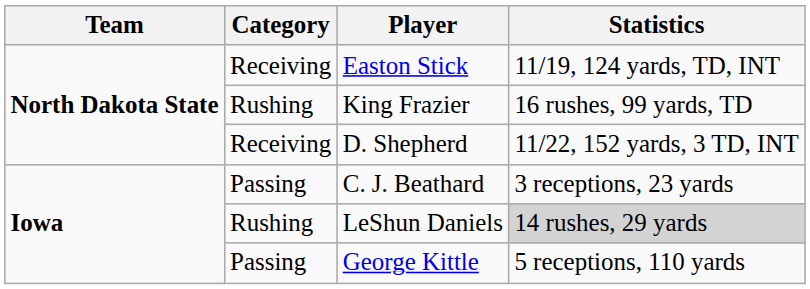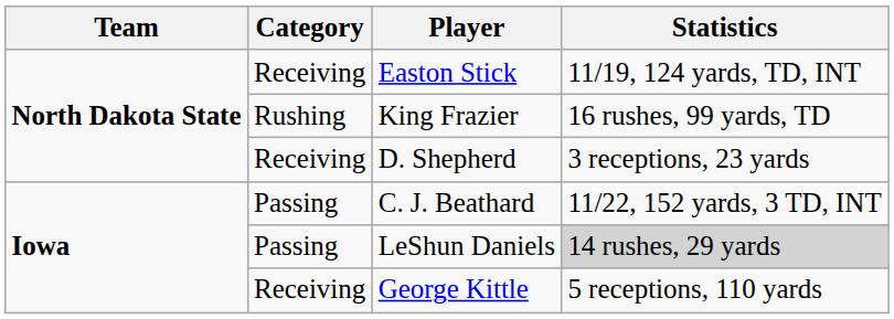 <table class="wikitable" style="float: left;">
 <tr>
 <th>Team</th>
 <th>Category</th>
 <th>Player</th>
 <th>Statistics</th>
 </tr>
 <tr>
 <td rowspan=3><strong>North Dakota State</strong></td>
 <td>Receiving</td>
 <td><a href='#'>Easton Stick</a></td>
 <td>11/19, 124 yards, TD, INT</td>
 </tr>
 <tr>
 <td>Rushing</td>
 <td>King Frazier</td>
 <td>16 rushes, 99 yards, TD</td>
 </tr>
 <tr>
 <td>Receiving</td>
 <td>D. Shepherd</td>
-<td>11/22, 152 yards, 3 TD, INT</td>
+<td>3 receptions, 23 yards</td>
 </tr>
 <tr>
 <td rowspan=3><strong>Iowa</strong></td>
 <td>Passing</td>
 <td>C. J. Beathard</td>
-<td>3 receptions, 23 yards</td>
+<td>11/22, 152 yards, 3 TD, INT</td>
 </tr>
 <tr>
-<td>Rushing</td>
+<td>Passing</td>
 <td>LeShun Daniels</td>
 <td style="background: lightgrey;">14 rushes, 29 yards</td>
 </tr>
 <tr>
-<td>Passing</td>
+<td>Receiving</td>
 <td><a href='#'>George Kittle</a></td>
 <td>5 receptions, 110 yards</td>
 </tr>
 </table>
